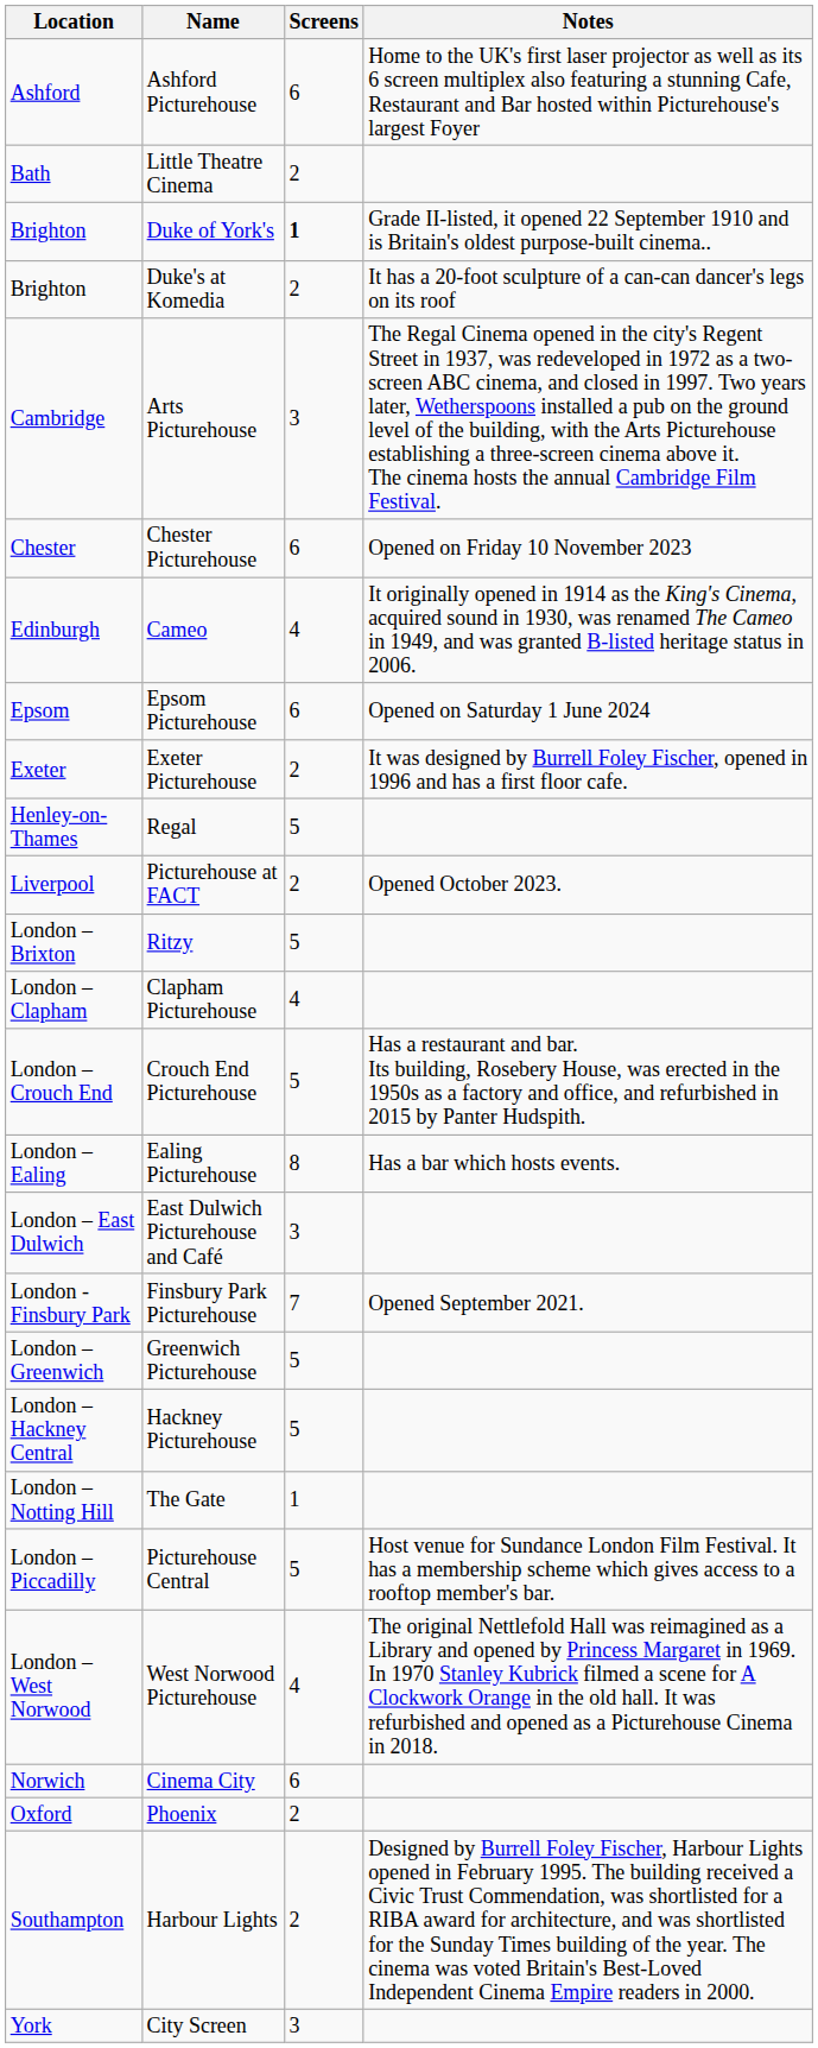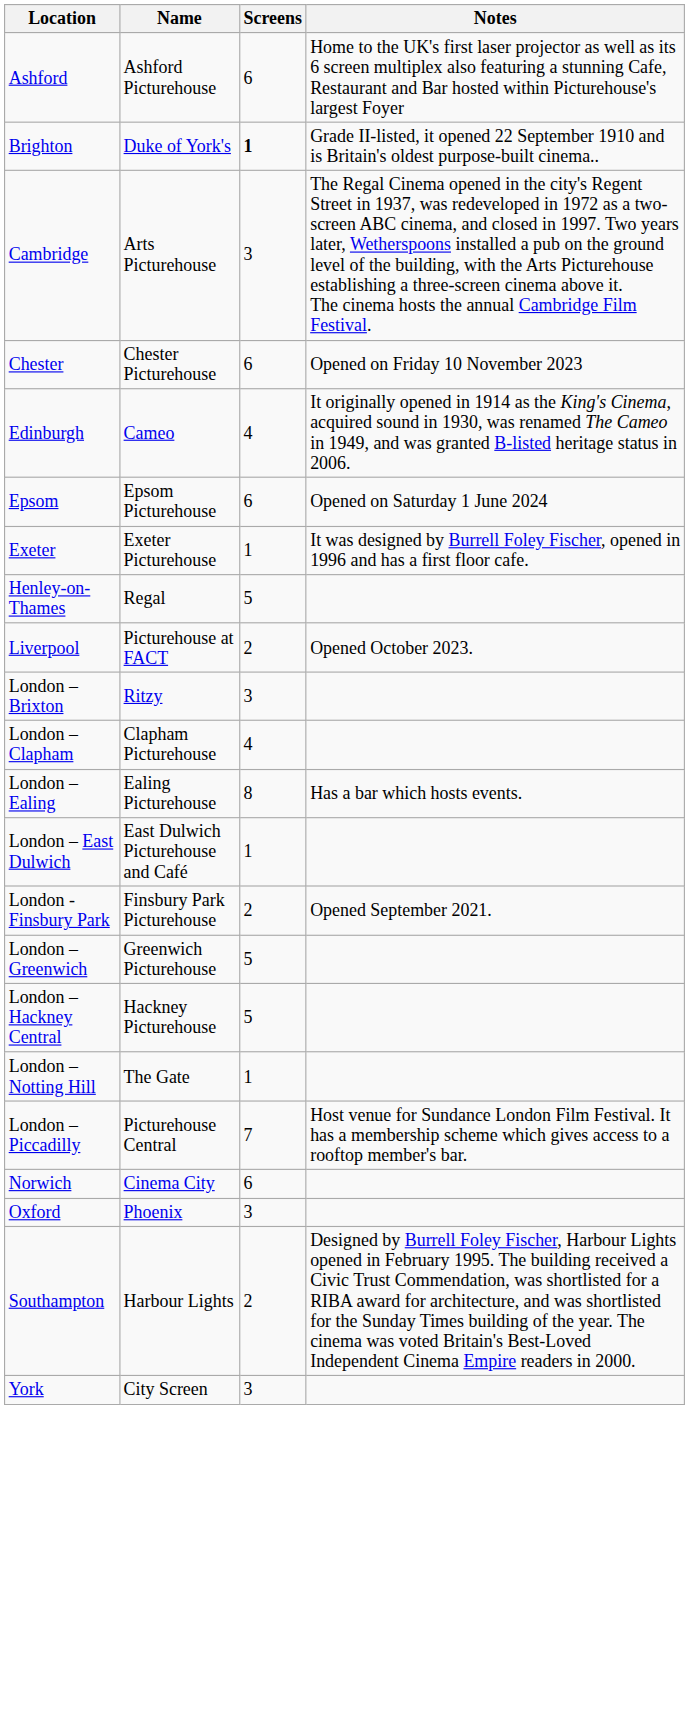 <table class="sortable wikitable">
 <tr style="background:#ececec;">
 <th>Location</th>
 <th>Name</th>
 <th>Screens</th>
 <th>Notes</th>
 </tr>
 <tr>
 <td><a href='#'>Ashford</a></td>
 <td>Ashford Picturehouse</td>
 <td>6</td>
 <td>Home to the UK's first laser projector as well as its 6 screen multiplex also featuring a stunning Cafe, Restaurant and Bar hosted within Picturehouse's largest Foyer</td>
 </tr>
 <tr>
-<td><a href='#'>Bath</a></td>
-<td>Little Theatre Cinema</td>
-<td>2</td>
-<td></td>
-</tr>
-<tr>
 <td><a href='#'>Brighton</a></td>
 <td><a href='#'>Duke of York's</a></td>
 <td><strong>1</strong></td>
 <td>Grade II-listed, it opened 22 September 1910 and is Britain's oldest purpose-built cinema..</td>
-</tr>
-<tr>
-<td>Brighton</td>
-<td>Duke's at Komedia</td>
-<td>2</td>
-<td>It has a 20-foot sculpture of a can-can dancer's legs on its roof</td>
 </tr>
 <tr>
 <td><a href='#'>Cambridge</a></td>
 <td>Arts Picturehouse</td>
 <td>3</td>
 <td>The Regal Cinema opened in the city's Regent Street in 1937, was redeveloped in 1972 as a two-screen ABC cinema, and closed in 1997. Two years later, <a href='#'>Wetherspoons</a> installed a pub on the ground level of the building, with the Arts Picturehouse establishing a three-screen cinema above it.<br>The cinema hosts the annual <a href='#'>Cambridge Film Festival</a>.</td>
 </tr>
 <tr>
 <td><a href='#'>Chester</a></td>
 <td>Chester Picturehouse</td>
 <td>6</td>
 <td>Opened on Friday 10 November 2023</td>
 </tr>
 <tr>
 <td><a href='#'>Edinburgh</a></td>
 <td><a href='#'>Cameo</a></td>
 <td>4</td>
 <td>It originally opened in 1914 as the <em>King's Cinema</em>, acquired sound in 1930, was renamed <em>The Cameo</em> in 1949, and was granted <a href='#'>B-listed</a> heritage status in 2006.</td>
 </tr>
 <tr>
 <td><a href='#'>Epsom</a></td>
 <td>Epsom Picturehouse</td>
 <td>6</td>
 <td>Opened on Saturday 1 June 2024</td>
 </tr>
 <tr>
 <td><a href='#'>Exeter</a></td>
 <td>Exeter Picturehouse</td>
-<td>2</td>
+<td>1</td>
 <td>It was designed by <a href='#'>Burrell Foley Fischer</a>, opened in 1996 and has a first floor cafe.</td>
 </tr>
 <tr>
 <td><a href='#'>Henley-on-Thames</a></td>
 <td>Regal</td>
 <td>5</td>
 <td></td>
 </tr>
 <tr>
 <td><a href='#'>Liverpool</a></td>
 <td>Picturehouse at <a href='#'>FACT</a></td>
 <td>2</td>
 <td>Opened October 2023.</td>
 </tr>
 <tr>
 <td>London – <a href='#'>Brixton</a></td>
 <td><a href='#'>Ritzy</a></td>
-<td>5</td>
+<td>3</td>
 <td></td>
 </tr>
 <tr>
 <td>London – <a href='#'>Clapham</a></td>
 <td>Clapham Picturehouse</td>
 <td>4</td>
 <td></td>
-</tr>
-<tr>
-<td>London – <a href='#'>Crouch End</a></td>
-<td>Crouch End Picturehouse</td>
-<td>5</td>
-<td>Has a restaurant and bar.<br>Its building, Rosebery House, was erected in the 1950s as a factory and office, and refurbished in 2015 by Panter Hudspith.</td>
 </tr>
 <tr>
 <td>London – <a href='#'>Ealing</a></td>
 <td>Ealing Picturehouse</td>
 <td>8</td>
 <td>Has a bar which hosts events.</td>
 </tr>
 <tr>
 <td>London – <a href='#'>East Dulwich</a></td>
 <td>East Dulwich Picturehouse and Café</td>
-<td>3</td>
+<td>1</td>
 <td></td>
 </tr>
 <tr>
 <td>London - <a href='#'>Finsbury Park</a></td>
 <td>Finsbury Park Picturehouse</td>
-<td>7</td>
+<td>2</td>
 <td>Opened September 2021.</td>
 </tr>
 <tr>
 <td>London – <a href='#'>Greenwich</a></td>
 <td>Greenwich Picturehouse</td>
 <td>5</td>
 <td></td>
 </tr>
 <tr>
 <td>London – <a href='#'>Hackney Central</a></td>
 <td>Hackney Picturehouse</td>
 <td>5</td>
 <td></td>
 </tr>
 <tr>
 <td>London – <a href='#'>Notting Hill</a></td>
 <td>The Gate</td>
 <td>1</td>
 <td></td>
 </tr>
 <tr>
 <td>London – <a href='#'>Piccadilly</a></td>
 <td>Picturehouse Central</td>
-<td>5</td>
+<td>7</td>
 <td>Host venue for Sundance London Film Festival. It has a membership scheme which gives access to a rooftop member's bar.</td>
-</tr>
-<tr>
-<td>London – <a href='#'>West Norwood</a></td>
-<td>West Norwood Picturehouse</td>
-<td>4</td>
-<td>The original Nettlefold Hall was reimagined as a Library and opened by <a href='#'>Princess Margaret</a> in 1969.<br>In 1970 <a href='#'>Stanley Kubrick</a> filmed a scene for <a href='#'>A Clockwork Orange</a> in the old hall. It was refurbished and opened as a Picturehouse Cinema in 2018.</td>
 </tr>
 <tr>
 <td><a href='#'>Norwich</a></td>
 <td><a href='#'>Cinema City</a></td>
 <td>6</td>
 <td></td>
 </tr>
 <tr>
 <td><a href='#'>Oxford</a></td>
 <td><a href='#'>Phoenix</a></td>
-<td>2</td>
+<td>3</td>
 <td></td>
 </tr>
 <tr>
 <td><a href='#'>Southampton</a></td>
 <td>Harbour Lights</td>
 <td>2</td>
 <td>Designed by <a href='#'>Burrell Foley Fischer</a>, Harbour Lights opened in February 1995. The building received a Civic Trust Commendation, was shortlisted for a RIBA award for architecture, and was shortlisted for the Sunday Times building of the year. The cinema was voted Britain's Best-Loved Independent Cinema <a href='#'>Empire</a> readers in 2000.</td>
 </tr>
 <tr>
 <td><a href='#'>York</a></td>
 <td>City Screen</td>
 <td>3</td>
 <td></td>
 </tr>
 </table>
